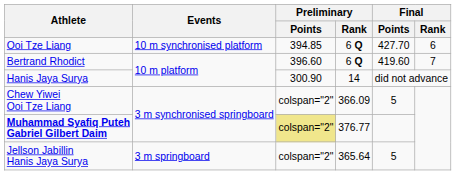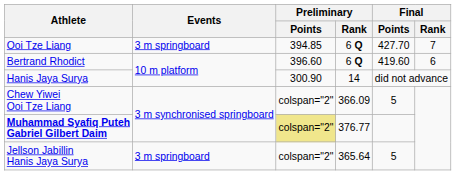 <table class=wikitable style="font-size:90%">
 <tr>
 <th rowspan="2">Athlete</th>
 <th rowspan="2">Events</th>
 <th colspan="2">Preliminary</th>
 <th colspan="2">Final</th>
 </tr>
 <tr>
 <th>Points</th>
 <th>Rank</th>
 <th>Points</th>
 <th>Rank</th>
 </tr>
 <tr style="text-align:center">
 <td style="text-align:left"><a href='#'>Ooi Tze Liang</a></td>
-<td style="text-align:left"><a href='#'>10 m synchronised platform</a></td>
+<td style="text-align:left"><a href='#'>3 m springboard</a></td>
 <td>394.85</td>
 <td>6 <strong>Q</strong></td>
 <td>427.70</td>
-<td>6</td>
+<td>7</td>
 </tr>
 <tr style="text-align:center">
 <td style="text-align:left"><a href='#'>Bertrand Rhodict</a></td>
 <td style="text-align:left" rowspan=2><a href='#'>10 m platform</a></td>
 <td>396.60</td>
 <td>6 <strong>Q</strong></td>
 <td>419.60</td>
-<td>7</td>
+<td>6</td>
 </tr>
 <tr style="text-align:center">
 <td style="text-align:left"><a href='#'>Hanis Jaya Surya</a></td>
 <td>300.90</td>
 <td>14</td>
 <td colspan=2>did not advance</td>
 </tr>
 <tr style="text-align:center">
 <td style="text-align:left"><a href='#'>Chew Yiwei</a><br><a href='#'>Ooi Tze Liang</a></td>
 <td style="text-align:left" rowspan=2><a href='#'>3 m synchronised springboard</a></td>
 <td>colspan="2" </td>
 <td>366.09</td>
 <td>5</td>
 </tr>
 <tr style="text-align:center">
 <td style="text-align:left"><strong><a href='#'>Muhammad Syafiq Puteh</a><br><a href='#'>Gabriel Gilbert Daim</a></strong></td>
 <td style="background: khaki;">colspan="2" </td>
 <td>376.77</td>
 <td></td>
 </tr>
 <tr style="text-align:center">
 <td style="text-align:left"><a href='#'>Jellson Jabillin</a><br><a href='#'>Hanis Jaya Surya</a></td>
 <td style="text-align:left"><a href='#'>3 m springboard</a></td>
 <td>colspan="2" </td>
 <td>365.64</td>
 <td>5</td>
 </tr>
 </table>
